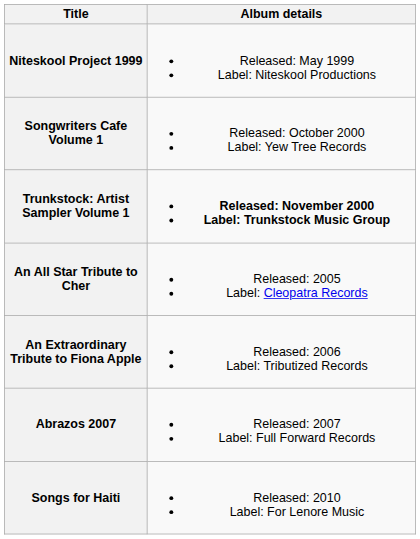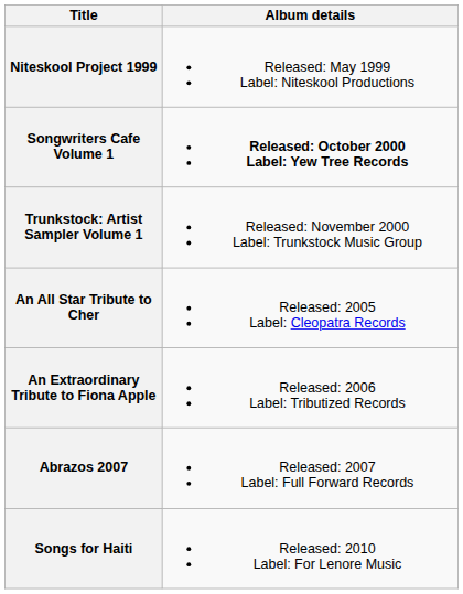 <table class="wikitable plainrowheaders" style="text-align:center;" border="1">
 <tr>
 <th scope="col" style="width:11em;">Title</th>
 <th scope="col" style="width:21em;">Album details</th>
 </tr>
 <tr>
 <th scope="row"><strong>Niteskool Project 1999</strong></th>
 <td><br><ul><li>Released: May 1999</li><li>Label: Niteskool Productions</li></ul></td>
 </tr>
 <tr>
 <th scope="row"><strong>Songwriters Cafe Volume 1</strong></th>
-<td><br><ul><li>Released: October 2000</li><li>Label: Yew Tree Records</li></ul></td>
+<td><strong><br><ul><li>Released: October 2000</li><li>Label: Yew Tree Records</li></ul></strong></td>
 </tr>
 <tr>
 <th scope="row"><strong>Trunkstock: Artist Sampler Volume 1</strong></th>
-<td><strong><br><ul><li>Released: November 2000</li><li>Label: Trunkstock Music Group</li></ul></strong></td>
+<td><br><ul><li>Released: November 2000</li><li>Label: Trunkstock Music Group</li></ul></td>
 </tr>
 <tr>
 <th scope="row"><strong>An All Star Tribute to Cher</strong></th>
 <td><br><ul><li>Released: 2005</li><li>Label: <a href='#'>Cleopatra Records</a></li></ul></td>
 </tr>
 <tr>
 <th scope="row"><strong>An Extraordinary Tribute to Fiona Apple</strong></th>
 <td><br><ul><li>Released: 2006</li><li>Label: Tributized Records</li></ul></td>
 </tr>
 <tr>
 <th scope="row"><strong>Abrazos 2007</strong></th>
 <td><br><ul><li>Released: 2007</li><li>Label: Full Forward Records</li></ul></td>
 </tr>
 <tr>
 <th scope="row"><strong>Songs for Haiti</strong></th>
 <td><br><ul><li>Released: 2010</li><li>Label: For Lenore Music</li></ul></td>
 </tr>
 </table>
